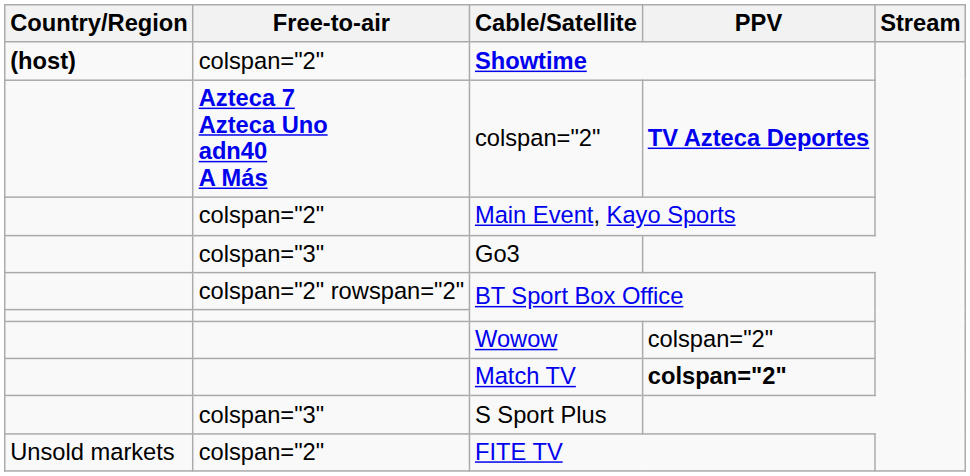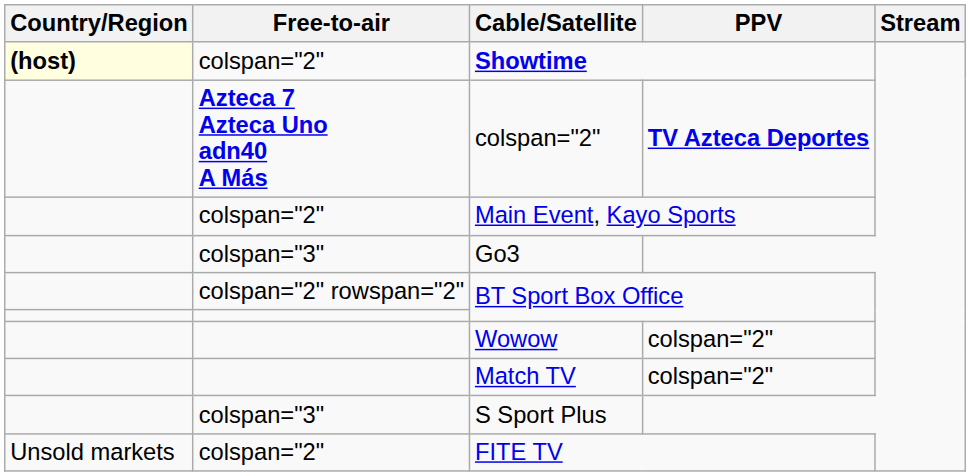 <table class="wikitable">
 <tr>
 <th>Country/Region</th>
 <th>Free-to-air</th>
 <th>Cable/Satellite</th>
 <th>PPV</th>
 <th>Stream</th>
 </tr>
 <tr>
-<td><strong> (host)</strong></td>
+<td style="background: lightyellow;"><strong> (host)</strong></td>
 <td>colspan="2" </td>
 <td colspan="2"><strong><a href='#'>Showtime</a></strong></td>
 </tr>
 <tr>
 <td><strong></strong></td>
 <td><strong><a href='#'>Azteca 7</a></strong><br><strong><a href='#'>Azteca Uno</a></strong><br><strong><a href='#'>adn40</a></strong><br><strong><a href='#'>A Más</a></strong></td>
 <td>colspan="2" </td>
 <td><strong><a href='#'>TV Azteca Deportes</a></strong></td>
 </tr>
 <tr>
 <td></td>
 <td>colspan="2" </td>
 <td colspan="2"><a href='#'>Main Event</a>, <a href='#'>Kayo Sports</a></td>
 </tr>
 <tr>
 <td></td>
 <td>colspan="3" </td>
 <td>Go3</td>
 </tr>
 <tr>
 <td></td>
 <td>colspan="2" rowspan="2" </td>
 <td colspan="2" rowspan="2"><a href='#'>BT Sport Box Office</a></td>
 </tr>
 <tr>
 <td></td>
 </tr>
 <tr>
 <td></td>
 <td></td>
 <td><a href='#'>Wowow</a></td>
 <td>colspan="2" </td>
 </tr>
 <tr>
 <td></td>
 <td></td>
 <td><a href='#'>Match TV</a></td>
-<td><strong>colspan="2" </strong></td>
+<td>colspan="2" </td>
 </tr>
 <tr>
 <td></td>
 <td>colspan="3" </td>
 <td>S Sport Plus</td>
 </tr>
 <tr>
 <td>Unsold markets</td>
 <td>colspan="2" </td>
 <td colspan="2"><a href='#'>FITE TV</a></td>
 </tr>
 </table>
